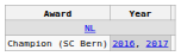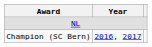 <table class="wikitable">
 <tr>
 <th>Award</th>
 <th>Year</th>
 <th></th>
 </tr>
 <tr ALIGN="center" bgcolor="#e0e0e0">
 <td colspan="3"><a href='#'>NL</a></td>
 </tr>
 <tr>
 <td>Champion (SC Bern)</td>
-<td style="background: lightgrey;"><a href='#'>2016</a>, <a href='#'>2017</a></td>
+<td><a href='#'>2016</a>, <a href='#'>2017</a></td>
 <td></td>
 </tr>
 </table>
